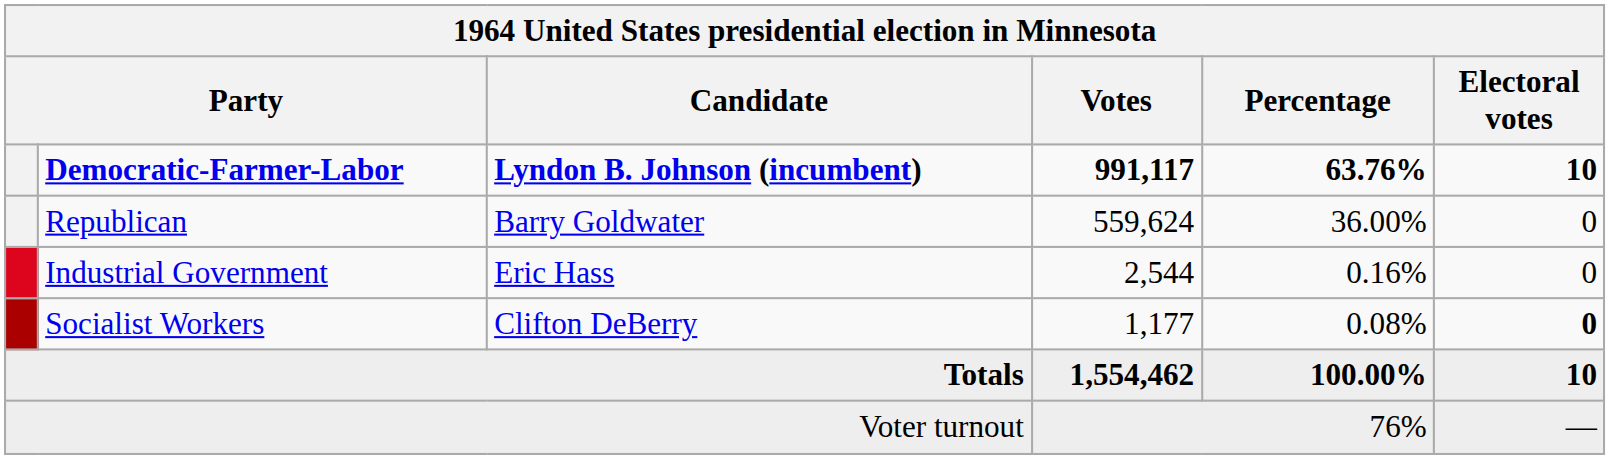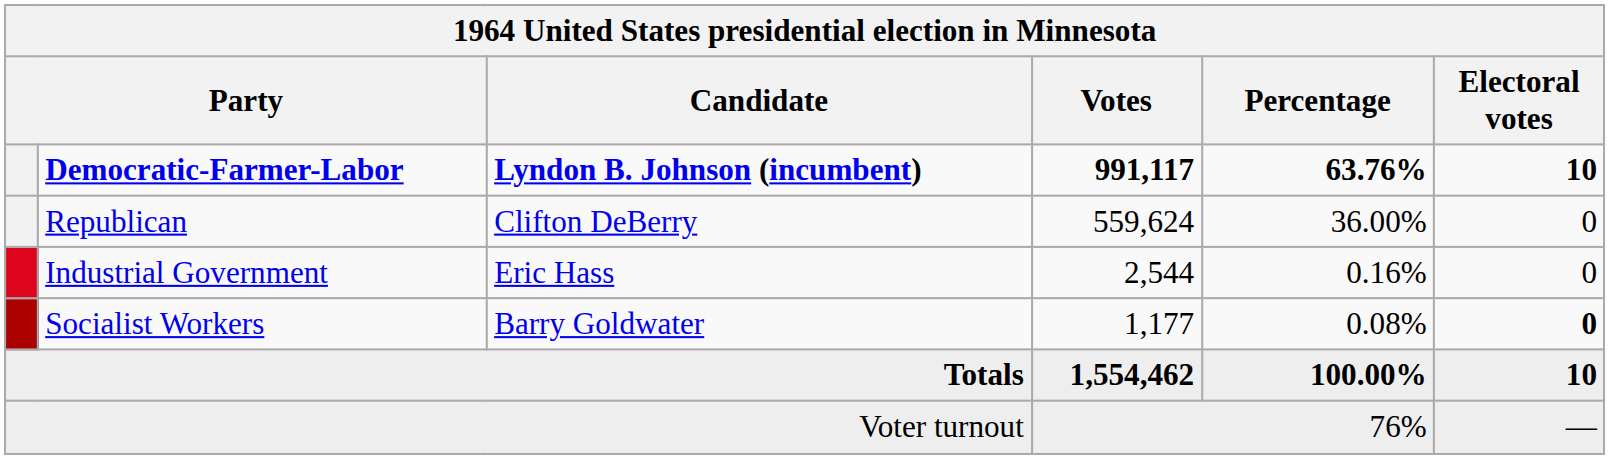 <table class="wikitable" style="font-size: 95%;">
 <tr>
 <th colspan="6">1964 United States presidential election in Minnesota</th>
 </tr>
 <tr>
 <th colspan="2" style="width: 15em">Party</th>
 <th style="width: 17em">Candidate</th>
 <th style="width: 5em">Votes</th>
 <th style="width: 7em">Percentage</th>
 <th style="width: 5em">Electoral votes</th>
 </tr>
 <tr>
 <th style="background-color:"></th>
 <td style="width: 130px"><strong><a href='#'>Democratic-Farmer-Labor</a></strong></td>
 <td><strong><a href='#'>Lyndon B. Johnson</a> (<a href='#'>incumbent</a>)</strong></td>
 <td align="right"><strong>991,117</strong></td>
 <td align="right"><strong>63.76%</strong></td>
 <td align="right"><strong>10</strong></td>
 </tr>
 <tr>
 <th style="background-color:"></th>
 <td style="width: 130px"><a href='#'>Republican</a></td>
-<td><a href='#'>Barry Goldwater</a></td>
+<td><a href='#'>Clifton DeBerry</a></td>
 <td align="right">559,624</td>
 <td align="right">36.00%</td>
 <td align="right">0</td>
 </tr>
 <tr>
 <th style="background-color:#DD051D; width: 3px"></th>
 <td style="width: 130px"><a href='#'>Industrial Government</a></td>
 <td><a href='#'>Eric Hass</a></td>
 <td align="right">2,544</td>
 <td align="right">0.16%</td>
 <td align="right">0</td>
 </tr>
 <tr>
 <th style="background-color:#AA0000; width: 3px"></th>
 <td style="width: 130px"><a href='#'>Socialist Workers</a></td>
-<td><a href='#'>Clifton DeBerry</a></td>
+<td><a href='#'>Barry Goldwater</a></td>
 <td align="right">1,177</td>
 <td align="right">0.08%</td>
 <td align="right"><strong>0</strong></td>
 </tr>
 <tr bgcolor="#EEEEEE">
 <td colspan="3" align="right"><strong>Totals</strong></td>
 <td align="right"><strong>1,554,462</strong></td>
 <td align="right"><strong>100.00%</strong></td>
 <td align="right"><strong>10</strong></td>
 </tr>
 <tr bgcolor="#EEEEEE">
 <td colspan="3" align="right">Voter turnout</td>
 <td colspan="2" align="right">76%</td>
 <td align="right">—</td>
 </tr>
 </table>
